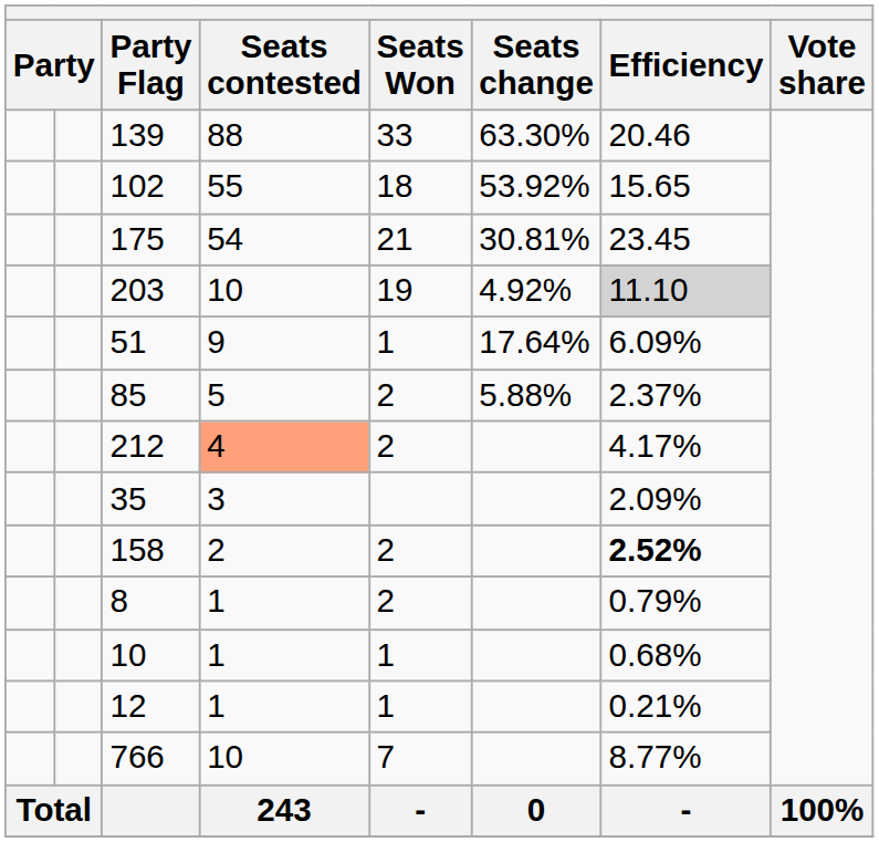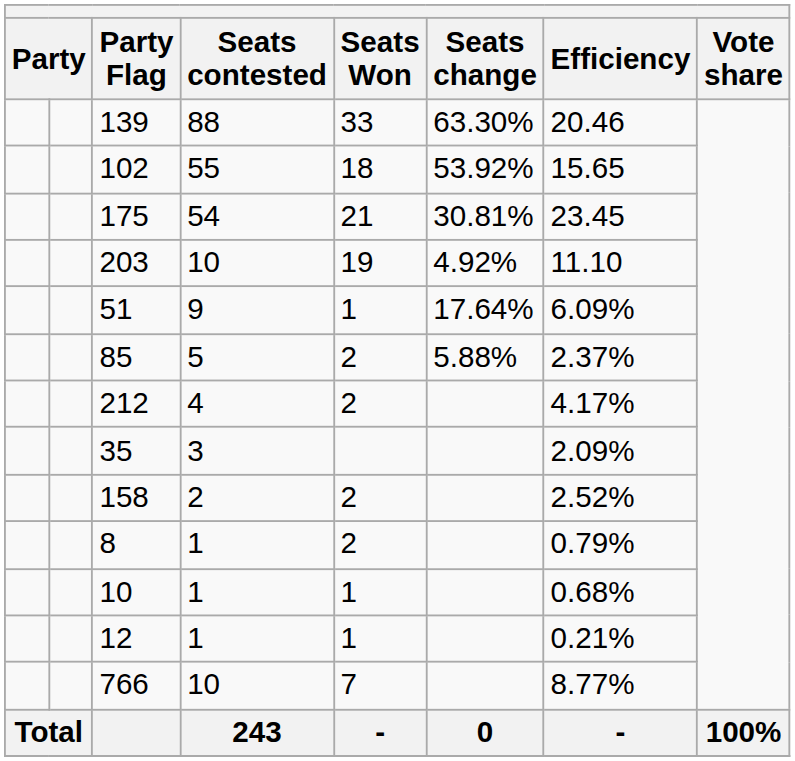 <table class="wikitable sortable">
 <tr>
 <th colspan=10></th>
 </tr>
 <tr>
 <th colspan=2>Party</th>
 <th>Party<br>Flag</th>
 <th>Seats<br>contested</th>
 <th>Seats<br>Won</th>
 <th>Seats<br>change</th>
 <th>Efficiency</th>
 <th>Vote<br>share</th>
 </tr>
 <tr>
 <td></td>
 <td></td>
 <td>139</td>
 <td>88</td>
 <td> 33</td>
 <td>63.30%</td>
 <td>20.46</td>
 </tr>
 <tr>
 <td></td>
 <td></td>
 <td>102</td>
 <td>55</td>
 <td> 18</td>
 <td>53.92%</td>
 <td>15.65</td>
 </tr>
 <tr>
 <td></td>
 <td></td>
 <td>175</td>
 <td>54</td>
 <td> 21</td>
 <td>30.81%</td>
 <td>23.45</td>
 </tr>
 <tr>
 <td></td>
 <td></td>
 <td>203</td>
 <td>10</td>
 <td> 19</td>
 <td>4.92%</td>
-<td style="background: lightgrey;">11.10</td>
+<td>11.10</td>
 </tr>
 <tr>
 <td></td>
 <td></td>
 <td>51</td>
 <td>9</td>
 <td> 1</td>
 <td>17.64%</td>
 <td>6.09%</td>
 </tr>
 <tr>
 <td></td>
 <td></td>
 <td>85</td>
 <td>5</td>
 <td> 2</td>
 <td>5.88%</td>
 <td>2.37%</td>
 </tr>
 <tr>
 <td></td>
 <td></td>
 <td>212</td>
-<td style="background: lightsalmon;">4</td>
+<td>4</td>
 <td> 2</td>
 <td></td>
 <td>4.17%</td>
 </tr>
 <tr>
 <td></td>
 <td></td>
 <td>35</td>
 <td>3</td>
 <td></td>
 <td></td>
 <td>2.09%</td>
 </tr>
 <tr>
 <td></td>
 <td></td>
 <td>158</td>
 <td>2</td>
 <td> 2</td>
 <td></td>
-<td><strong>2.52%</strong></td>
+<td>2.52%</td>
 </tr>
 <tr>
 <td></td>
 <td></td>
 <td>8</td>
 <td>1</td>
 <td> 2</td>
 <td></td>
 <td>0.79%</td>
 </tr>
 <tr>
 <td></td>
 <td></td>
 <td>10</td>
 <td>1</td>
 <td> 1</td>
 <td></td>
 <td>0.68%</td>
 </tr>
 <tr>
 <td></td>
 <td></td>
 <td>12</td>
 <td>1</td>
 <td> 1</td>
 <td></td>
 <td>0.21%</td>
 </tr>
 <tr>
 <td></td>
 <td></td>
 <td>766</td>
 <td>10</td>
 <td> 7</td>
 <td></td>
 <td>8.77%</td>
 </tr>
 <tr>
 <th colspan=2>Total</th>
 <th></th>
 <th>243</th>
 <th>-</th>
 <th>0</th>
 <th>-</th>
 <th>100%</th>
 </tr>
 <tr>
 </tr>
 </table>
